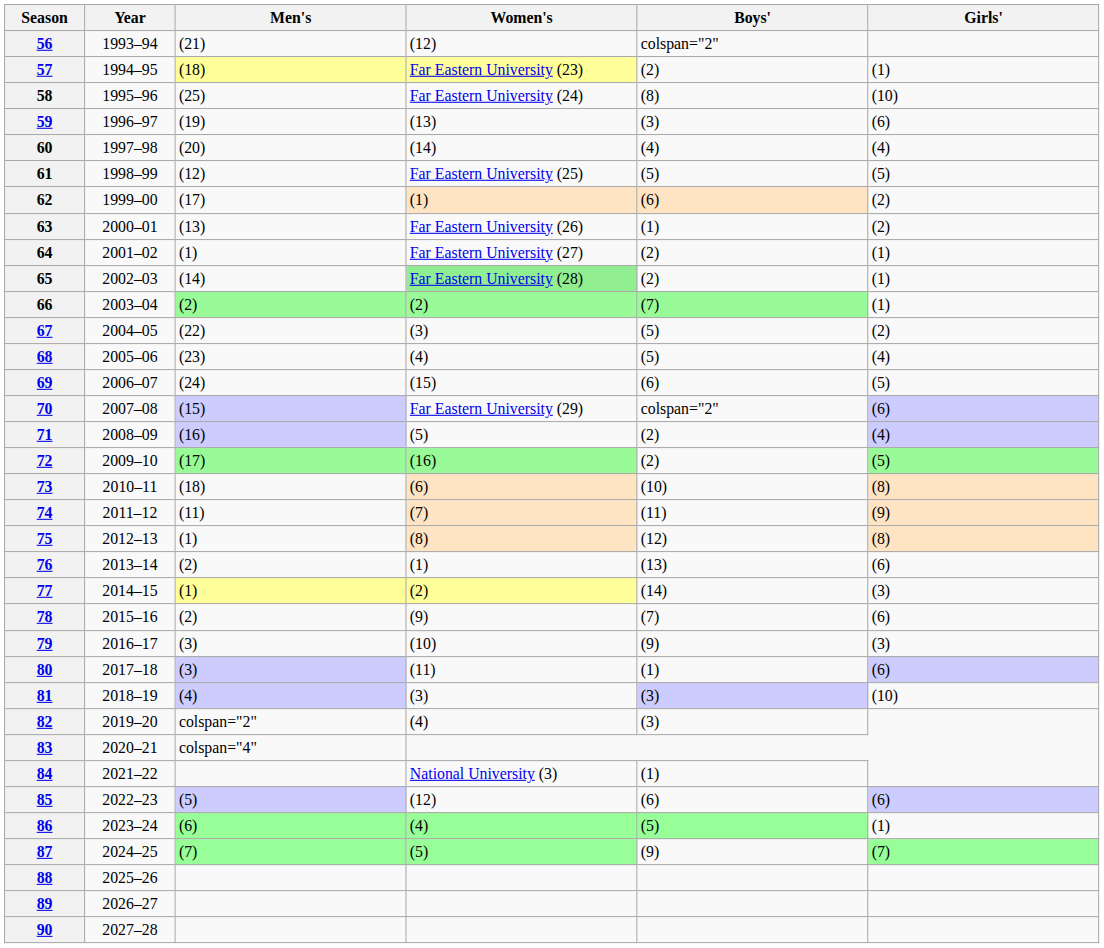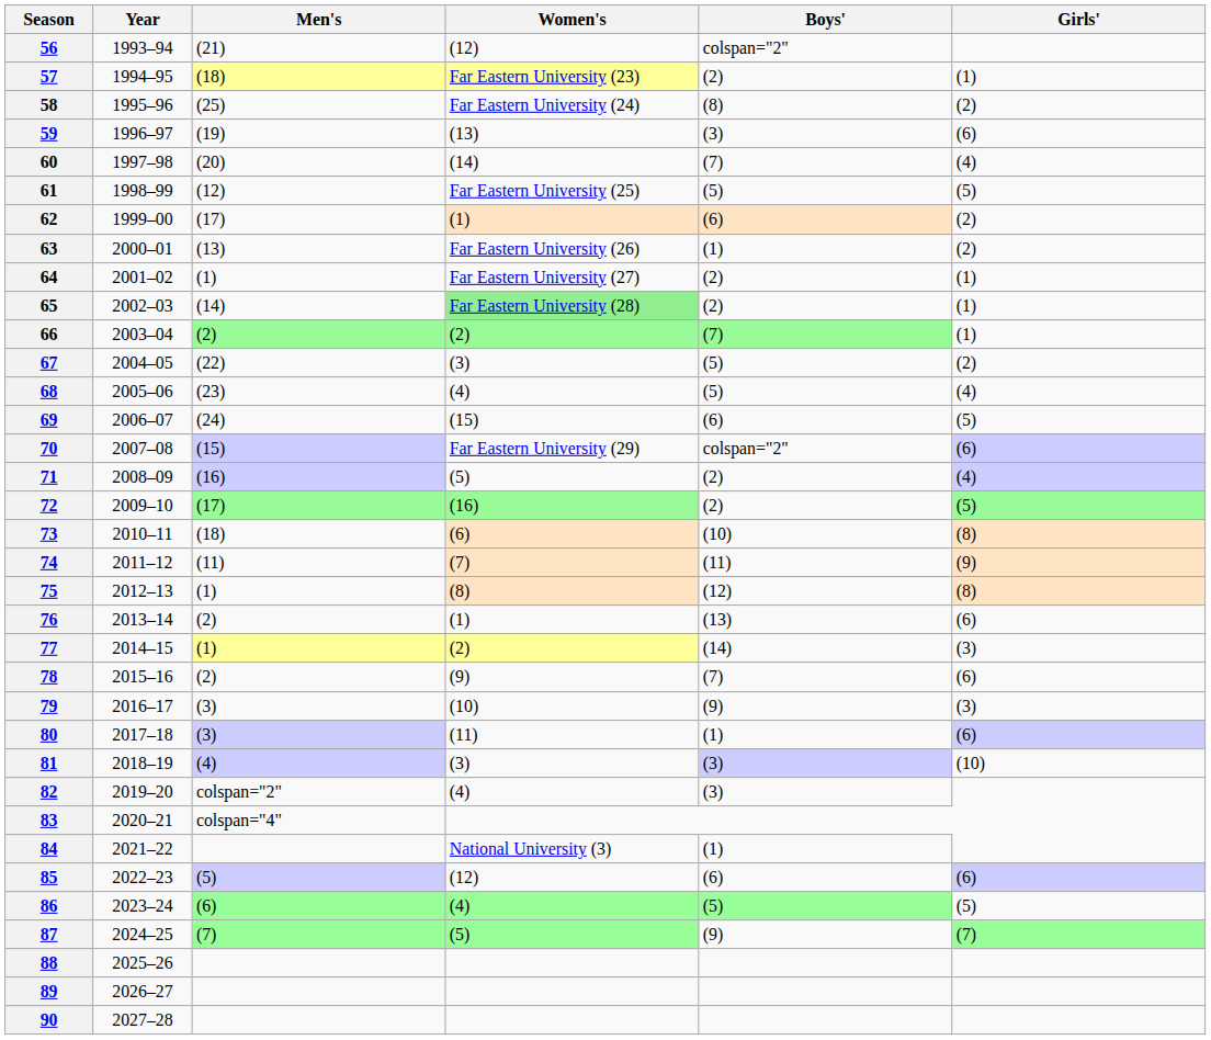 <table class="wikitable plainrowheaders" style="font-size:95%;">
 <tr>
 <th scope="col" style="width:70px;">Season</th>
 <th scope="col" style="width:80px;">Year</th>
 <th scope="col" style="width:215px;">Men's</th>
 <th scope="col" style="width:215px;">Women's</th>
 <th scope="col" style="width:215px;">Boys'</th>
 <th scope="col" style="width:215px;">Girls'</th>
 </tr>
 <tr>
 <th scope="row" style="text-align:center;"><a href='#'>56</a></th>
 <td align=center>1993–94</td>
 <td> (21)</td>
 <td> (12)</td>
 <td>colspan="2" </td>
 </tr>
 <tr>
 <th scope="row" style="text-align:center;"><a href='#'>57</a></th>
 <td align=center>1994–95</td>
 <td bgcolor=#FFFF99> (18)</td>
 <td bgcolor=#FFFF99> <a href='#'>Far Eastern University</a> (23)</td>
 <td> (2)</td>
 <td> (1)</td>
 </tr>
 <tr>
 <th scope="row" style="text-align:center;">58</th>
 <td align=center>1995–96</td>
 <td> (25)</td>
 <td> <a href='#'>Far Eastern University</a> (24)</td>
 <td> (8)</td>
-<td> (10)</td>
+<td> (2)</td>
 </tr>
 <tr>
 <th scope="row" style="text-align:center;"><a href='#'>59</a></th>
 <td align=center>1996–97</td>
 <td> (19)</td>
 <td> (13)</td>
 <td> (3)</td>
 <td> (6)</td>
 </tr>
 <tr>
 <th scope="row" style="text-align:center;">60</th>
 <td align=center>1997–98</td>
 <td> (20)</td>
 <td> (14)</td>
-<td> (4)</td>
+<td> (7)</td>
 <td> (4)</td>
 </tr>
 <tr>
 <th scope="row" style="text-align:center;">61</th>
 <td align=center>1998–99</td>
 <td> (12)</td>
 <td> <a href='#'>Far Eastern University</a> (25)</td>
 <td> (5)</td>
 <td> (5)</td>
 </tr>
 <tr>
 <th scope="row" style="text-align:center;">62</th>
 <td align=center>1999–00</td>
 <td> (17)</td>
 <td bgcolor=#FFE4C4> (1)</td>
 <td bgcolor=#FFE4C4> (6)</td>
 <td> (2)</td>
 </tr>
 <tr>
 <th scope="row" style="text-align:center;">63</th>
 <td align=center>2000–01</td>
 <td> (13)</td>
 <td> <a href='#'>Far Eastern University</a> (26)</td>
 <td> (1)</td>
 <td> (2)</td>
 </tr>
 <tr>
 <th scope="row" style="text-align:center;">64</th>
 <td align=center>2001–02</td>
 <td> (1)</td>
 <td> <a href='#'>Far Eastern University</a> (27)</td>
 <td> (2)</td>
 <td> (1)</td>
 </tr>
 <tr>
 <th scope="row" style="text-align:center;">65</th>
 <td align=center>2002–03</td>
 <td> (14)</td>
 <td style="background: lightgreen;"> <a href='#'>Far Eastern University</a> (28)</td>
 <td> (2)</td>
 <td> (1)</td>
 </tr>
 <tr>
 <th scope="row" style="text-align:center;">66</th>
 <td align=center>2003–04</td>
 <td bgcolor=#98FB98> (2)</td>
 <td bgcolor=#98FB98> (2)</td>
 <td bgcolor=#98FB98> (7)</td>
 <td> (1)</td>
 </tr>
 <tr>
 <th scope="row" style="text-align:center;"><a href='#'>67</a></th>
 <td align=center>2004–05</td>
 <td> (22)</td>
 <td> (3)</td>
 <td> (5)</td>
 <td> (2)</td>
 </tr>
 <tr>
 <th scope="row" style="text-align:center;"><a href='#'>68</a></th>
 <td align=center>2005–06</td>
 <td> (23)</td>
 <td> (4)</td>
 <td> (5)</td>
 <td> (4)</td>
 </tr>
 <tr>
 <th scope="row" style="text-align:center;"><a href='#'>69</a></th>
 <td align=center>2006–07</td>
 <td> (24)</td>
 <td> (15)</td>
 <td> (6)</td>
 <td> (5)</td>
 </tr>
 <tr>
 <th scope="row" style="text-align:center;"><a href='#'>70</a></th>
 <td align=center>2007–08</td>
 <td bgcolor=#CCCCFF> (15)</td>
 <td> <a href='#'>Far Eastern University</a> (29)</td>
 <td>colspan="2" </td>
 <td bgcolor=#CCCCFF> (6)</td>
 </tr>
 <tr>
 <th scope="row" style="text-align:center;"><a href='#'>71</a></th>
 <td align=center>2008–09</td>
 <td bgcolor=#CCCCFF> (16)</td>
 <td> (5)</td>
 <td> (2)</td>
 <td bgcolor=#CCCCFF> (4)</td>
 </tr>
 <tr>
 <th scope="row" style="text-align:center;"><a href='#'>72</a></th>
 <td align=center>2009–10</td>
 <td bgcolor=#98FB98> (17)</td>
 <td bgcolor=#98FB98> (16)</td>
 <td> (2)</td>
 <td bgcolor=#98FB98> (5)</td>
 </tr>
 <tr>
 <th scope="row" style="text-align:center;"><a href='#'>73</a></th>
 <td align=center>2010–11</td>
 <td> (18)</td>
 <td bgcolor=#FFE4C4> (6)</td>
 <td> (10)</td>
 <td bgcolor=#FFE4C4> (8)</td>
 </tr>
 <tr>
 <th scope="row" style="text-align:center;"><a href='#'>74</a></th>
 <td align=center>2011–12</td>
 <td> (11)</td>
 <td bgcolor=#FFE4C4> (7)</td>
 <td> (11)</td>
 <td bgcolor=#FFE4C4> (9)</td>
 </tr>
 <tr>
 <th scope="row" style="text-align:center;"><a href='#'>75</a></th>
 <td align=center>2012–13</td>
 <td> (1)</td>
 <td bgcolor=#FFE4C4> (8)</td>
 <td> (12)</td>
 <td bgcolor=#FFE4C4> (8)</td>
 </tr>
 <tr>
 <th scope="row" style="text-align:center;"><a href='#'>76</a></th>
 <td align=center>2013–14</td>
 <td> (2)</td>
 <td> (1)</td>
 <td> (13)</td>
 <td> (6)</td>
 </tr>
 <tr>
 <th scope="row" style="text-align:center;"><a href='#'>77</a></th>
 <td align=center>2014–15</td>
 <td bgcolor=#FFFF99> (1)</td>
 <td bgcolor=#FFFF99> (2)</td>
 <td> (14)</td>
 <td> (3)</td>
 </tr>
 <tr>
 <th scope="row" style="text-align:center;"><a href='#'>78</a></th>
 <td align=center>2015–16</td>
 <td> (2)</td>
 <td> (9)</td>
 <td> (7)</td>
 <td> (6)</td>
 </tr>
 <tr>
 <th scope="row" style="text-align:center;"><a href='#'>79</a></th>
 <td align=center>2016–17</td>
 <td> (3)</td>
 <td> (10)</td>
 <td> (9)</td>
 <td> (3)</td>
 </tr>
 <tr>
 <th scope="row" style="text-align:center;"><a href='#'>80</a></th>
 <td align=center>2017–18</td>
 <td bgcolor=#CCCCFF> (3)</td>
 <td> (11)</td>
 <td> (1)</td>
 <td bgcolor=#CCCCFF> (6)</td>
 </tr>
 <tr>
 <th scope="row" style="text-align:center;"><a href='#'>81</a></th>
 <td align=center>2018–19</td>
 <td bgcolor=#CCCCFF> (4)</td>
 <td> (3)</td>
 <td bgcolor=#CCCCFF> (3)</td>
 <td> (10)</td>
 </tr>
 <tr>
 <th scope="row" style="text-align:center;"><a href='#'>82</a></th>
 <td align=center>2019–20</td>
 <td>colspan="2" </td>
 <td> (4)</td>
 <td> (3)</td>
 </tr>
 <tr>
 <th scope="row" style="text-align:center;"><a href='#'>83</a></th>
 <td align=center>2020–21</td>
 <td>colspan="4" </td>
 </tr>
 <tr>
 <th scope="row" style="text-align:center;"><a href='#'>84</a></th>
 <td align=center>2021–22</td>
 <td></td>
 <td> <a href='#'>National University</a> (3)</td>
 <td> (1)</td>
 </tr>
 <tr>
 <th scope="row" style="text-align:center;"><a href='#'>85</a></th>
 <td align=center>2022–23</td>
 <td bgcolor=#CCCCFF> (5)</td>
 <td> (12)</td>
 <td> (6)</td>
 <td bgcolor=#CCCCFF> (6)</td>
 </tr>
 <tr>
 <th scope="row" style="text-align:center;"><a href='#'>86</a></th>
 <td align=center>2023–24</td>
 <td bgcolor=#98FF98> (6)</td>
 <td bgcolor=#98FF98> (4)</td>
 <td bgcolor=#98FF98> (5)</td>
-<td> (1)</td>
+<td> (5)</td>
 </tr>
 <tr>
 <th scope="row" style="text-align:center;"><a href='#'>87</a></th>
 <td align=center>2024–25</td>
 <td bgcolor=#98FF98> (7)</td>
 <td bgcolor=#98FF98> (5)</td>
 <td> (9)</td>
 <td bgcolor=#98FF98> (7)</td>
 </tr>
 <tr>
 <th scope="row" style="text-align:center;"><a href='#'>88</a></th>
 <td align=center>2025–26</td>
 <td></td>
 <td></td>
 <td></td>
 <td></td>
 </tr>
 <tr>
 <th scope="row" style="text-align:center;"><a href='#'>89</a></th>
 <td align=center>2026–27</td>
 <td></td>
 <td></td>
 <td></td>
 <td></td>
 </tr>
 <tr>
 <th scope="row" style="text-align:center;"><a href='#'>90</a></th>
 <td align=center>2027–28</td>
 <td></td>
 <td></td>
 <td></td>
 <td></td>
 </tr>
 </table>
